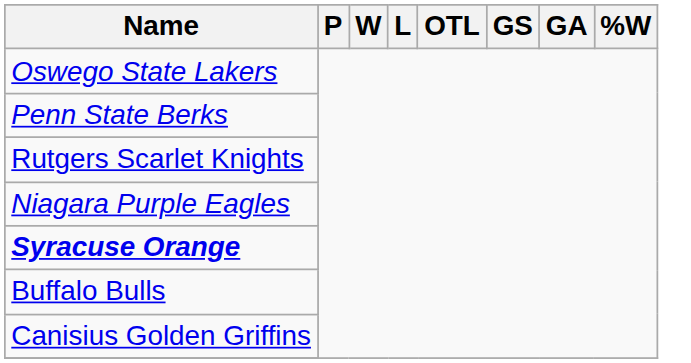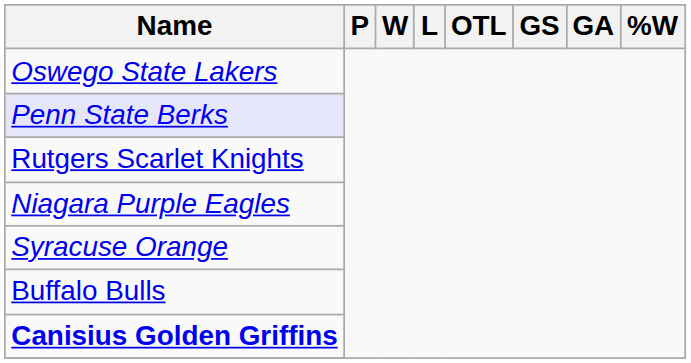 <table class="wikitable sortable" style="text-align: center">
 <tr>
 <th>Name</th>
 <th abbr="TOTAL OF MATCHES PLAYED">P</th>
 <th abbr="GAMES WON">W</th>
 <th abbr="GAMES LOST">L</th>
 <th abbr="GAMES LOST IN OVERTIME">OTL</th>
 <th abbr="GOALS SCORED">GS</th>
 <th abbr="GOAL AGAINST">GA</th>
 <th abbr="PERCENTAGE OF GAMES WON">%W</th>
 </tr>
 <tr>
 <td align=left><em><a href='#'>Oswego State Lakers</a></em><br></td>
 </tr>
 <tr>
-<td align=left><em><a href='#'>Penn State Berks</a></em><br></td>
+<td align=left style="background: lavender;"><em><a href='#'>Penn State Berks</a></em><br></td>
 </tr>
 <tr>
 <td align=left><a href='#'>Rutgers Scarlet Knights</a><br></td>
 </tr>
 <tr>
 <td align=left><em><a href='#'>Niagara Purple Eagles</a></em><br></td>
 </tr>
 <tr>
-<td align=left><strong><em><a href='#'>Syracuse Orange</a></em><br></strong></td>
+<td align=left><em><a href='#'>Syracuse Orange</a></em><br></td>
 </tr>
 <tr>
 <td align=left><a href='#'>Buffalo Bulls</a><br></td>
 </tr>
 <tr>
-<td align=left><a href='#'>Canisius Golden Griffins</a><br></td>
+<td align=left><strong><a href='#'>Canisius Golden Griffins</a><br></strong></td>
 </tr>
 <tr>
 </tr>
 </table>
